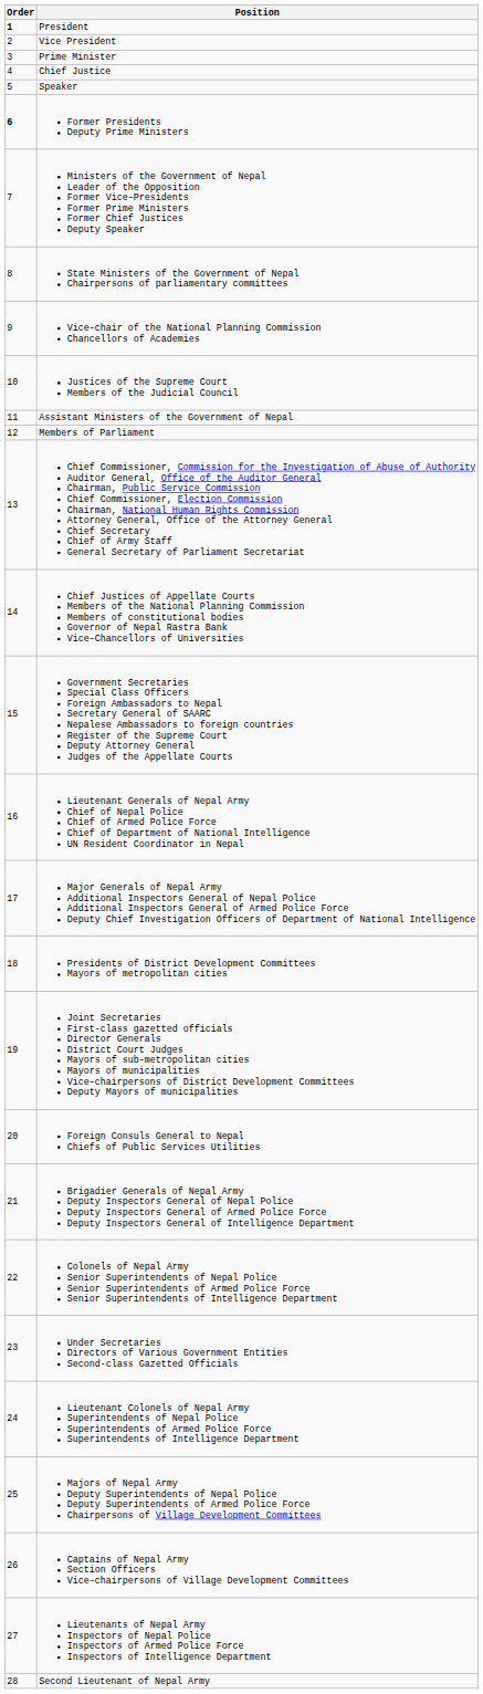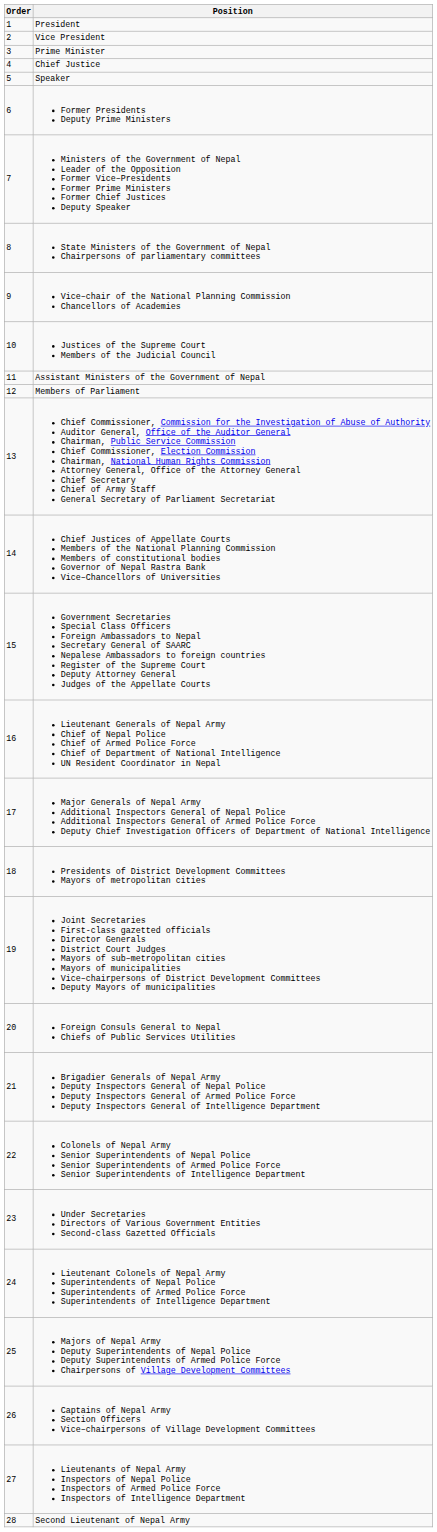 <table class="wikitable">
 <tr>
 <th>Order</th>
 <th>Position</th>
 </tr>
 <tr>
-<td><strong>1</strong></td>
+<td>1</td>
 <td>President</td>
 </tr>
 <tr>
 <td>2</td>
 <td>Vice President</td>
 </tr>
 <tr>
 <td>3</td>
 <td>Prime Minister</td>
 </tr>
 <tr>
 <td>4</td>
 <td>Chief Justice</td>
 </tr>
 <tr>
 <td>5</td>
 <td>Speaker</td>
 </tr>
 <tr>
-<td><strong>6</strong></td>
+<td>6</td>
 <td><br><ul><li>Former Presidents</li><li>Deputy Prime Ministers</li></ul></td>
 </tr>
 <tr>
 <td>7</td>
 <td><br><ul><li>Ministers of the Government of Nepal</li><li>Leader of the Opposition</li><li>Former Vice–Presidents</li><li>Former Prime Ministers</li><li>Former Chief Justices</li><li>Deputy Speaker</li></ul></td>
 </tr>
 <tr>
 <td>8</td>
 <td><br><ul><li>State Ministers of the Government of Nepal</li><li>Chairpersons of parliamentary committees</li></ul></td>
 </tr>
 <tr>
 <td>9</td>
 <td><br><ul><li>Vice–chair of the National Planning Commission</li><li>Chancellors of Academies</li></ul></td>
 </tr>
 <tr>
 <td>10</td>
 <td><br><ul><li>Justices of the Supreme Court</li><li>Members of the Judicial Council</li></ul></td>
 </tr>
 <tr>
 <td>11</td>
 <td>Assistant Ministers of the Government of Nepal</td>
 </tr>
 <tr>
 <td>12</td>
 <td>Members of Parliament</td>
 </tr>
 <tr>
 <td>13</td>
 <td><br><ul><li>Chief Commissioner, <a href='#'>Commission for the Investigation of Abuse of Authority</a></li><li>Auditor General, <a href='#'>Office of the Auditor General</a></li><li>Chairman, <a href='#'>Public Service Commission</a></li><li>Chief Commissioner, <a href='#'>Election Commission</a></li><li>Chairman, <a href='#'>National Human Rights Commission</a></li><li>Attorney General, Office of the Attorney General</li><li>Chief Secretary</li><li>Chief of Army Staff</li><li>General Secretary of Parliament Secretariat</li></ul></td>
 </tr>
 <tr>
 <td>14</td>
 <td><br><ul><li>Chief Justices of Appellate Courts</li><li>Members of the National Planning Commission</li><li>Members of constitutional bodies</li><li>Governor of Nepal Rastra Bank</li><li>Vice–Chancellors of Universities</li></ul></td>
 </tr>
 <tr>
 <td>15</td>
 <td><br><ul><li>Government Secretaries</li><li>Special Class Officers</li><li>Foreign Ambassadors to Nepal</li><li>Secretary General of SAARC</li><li>Nepalese Ambassadors to foreign countries</li><li>Register of the Supreme Court</li><li>Deputy Attorney General</li><li>Judges of the Appellate Courts</li></ul></td>
 </tr>
 <tr>
 <td>16</td>
 <td><br><ul><li>Lieutenant Generals of Nepal Army</li><li>Chief of Nepal Police</li><li>Chief of Armed Police Force</li><li>Chief of Department of National Intelligence</li><li>UN Resident Coordinator in Nepal</li></ul></td>
 </tr>
 <tr>
 <td>17</td>
 <td><br><ul><li>Major Generals of Nepal Army</li><li>Additional Inspectors General of Nepal Police</li><li>Additional Inspectors General of Armed Police Force</li><li>Deputy Chief Investigation Officers of Department of National Intelligence</li></ul></td>
 </tr>
 <tr>
 <td>18</td>
 <td><br><ul><li>Presidents of District Development Committees</li><li>Mayors of metropolitan cities</li></ul></td>
 </tr>
 <tr>
 <td>19</td>
 <td><br><ul><li>Joint Secretaries</li><li>First-class gazetted officials</li><li>Director Generals</li><li>District Court Judges</li><li>Mayors of sub–metropolitan cities</li><li>Mayors of municipalities</li><li>Vice–chairpersons of District Development Committees</li><li>Deputy Mayors of municipalities</li></ul></td>
 </tr>
 <tr>
 <td>20</td>
 <td><br><ul><li>Foreign Consuls General to Nepal</li><li>Chiefs of Public Services Utilities</li></ul></td>
 </tr>
 <tr>
 <td>21</td>
 <td><br><ul><li>Brigadier Generals of Nepal Army</li><li>Deputy Inspectors General of Nepal Police</li><li>Deputy Inspectors General of Armed Police Force</li><li>Deputy Inspectors General of Intelligence Department</li></ul></td>
 </tr>
 <tr>
 <td>22</td>
 <td><br><ul><li>Colonels of Nepal Army</li><li>Senior Superintendents of Nepal Police</li><li>Senior Superintendents of Armed Police Force</li><li>Senior Superintendents of Intelligence Department</li></ul></td>
 </tr>
 <tr>
 <td>23</td>
 <td><br><ul><li>Under Secretaries</li><li>Directors of Various Government Entities</li><li>Second-class Gazetted Officials</li></ul></td>
 </tr>
 <tr>
 <td>24</td>
 <td><br><ul><li>Lieutenant Colonels of Nepal Army</li><li>Superintendents of Nepal Police</li><li>Superintendents of Armed Police Force</li><li>Superintendents of Intelligence Department</li></ul></td>
 </tr>
 <tr>
 <td>25</td>
 <td><br><ul><li>Majors of Nepal Army</li><li>Deputy Superintendents of Nepal Police</li><li>Deputy Superintendents of Armed Police Force</li><li>Chairpersons of <a href='#'>Village Development Committees</a></li></ul></td>
 </tr>
 <tr>
 <td>26</td>
 <td><br><ul><li>Captains of Nepal Army</li><li>Section Officers</li><li>Vice–chairpersons of Village Development Committees</li></ul></td>
 </tr>
 <tr>
 <td>27</td>
 <td><br><ul><li>Lieutenants of Nepal Army</li><li>Inspectors of Nepal Police</li><li>Inspectors of Armed Police Force</li><li>Inspectors of Intelligence Department</li></ul></td>
 </tr>
 <tr>
 <td>28</td>
 <td>Second Lieutenant of Nepal Army</td>
 </tr>
 </table>
